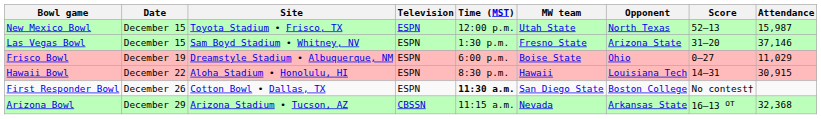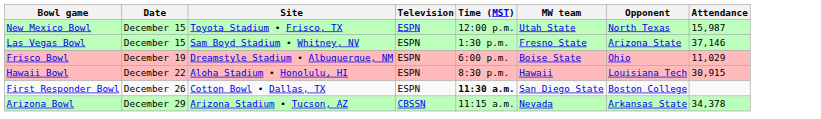 <table class="wikitable">
 <tr>
 <th>Bowl game</th>
 <th>Date</th>
 <th>Site</th>
 <th>Television</th>
 <th>Time (<a href='#'>MST</a>)</th>
 <th>MW team</th>
 <th>Opponent</th>
-<th>Score</th>
 <th>Attendance</th>
 </tr>
 <tr style="background:#bfb;">
 <td><a href='#'>New Mexico Bowl</a></td>
 <td>December 15</td>
 <td><a href='#'>Toyota Stadium</a> • <a href='#'>Frisco, TX</a></td>
 <td><a href='#'>ESPN</a></td>
 <td>12:00 p.m.</td>
 <td><a href='#'>Utah State</a></td>
 <td><a href='#'>North Texas</a></td>
-<td>52–13</td>
 <td>15,987</td>
 </tr>
 <tr style="background:#bfb;">
 <td><a href='#'>Las Vegas Bowl</a></td>
 <td>December 15</td>
 <td><a href='#'>Sam Boyd Stadium</a> • <a href='#'>Whitney, NV</a></td>
 <td>ESPN</td>
 <td>1:30 p.m.</td>
 <td><a href='#'>Fresno State</a></td>
 <td><a href='#'>Arizona State</a></td>
-<td>31–20</td>
 <td>37,146</td>
 </tr>
 <tr style="background:#fbb;">
 <td><a href='#'>Frisco Bowl</a></td>
 <td>December 19</td>
 <td><a href='#'>Dreamstyle Stadium</a> • <a href='#'>Albuquerque, NM</a></td>
 <td>ESPN</td>
 <td>6:00 p.m.</td>
 <td><a href='#'>Boise State</a></td>
 <td><a href='#'>Ohio</a></td>
-<td>0–27</td>
 <td>11,029</td>
 </tr>
 <tr style="background:#fbb;">
 <td><a href='#'>Hawaii Bowl</a></td>
 <td>December 22</td>
 <td><a href='#'>Aloha Stadium</a> • <a href='#'>Honolulu, HI</a></td>
 <td>ESPN</td>
 <td>8:30 p.m.</td>
 <td><a href='#'>Hawaii</a></td>
 <td><a href='#'>Louisiana Tech</a></td>
-<td>14–31</td>
 <td>30,915</td>
 </tr>
 <tr style="background:">
 <td><a href='#'>First Responder Bowl</a></td>
 <td>December 26</td>
 <td><a href='#'>Cotton Bowl</a> • <a href='#'>Dallas, TX</a></td>
 <td>ESPN</td>
 <td><strong>11:30 a.m.</strong></td>
 <td><a href='#'>San Diego State</a></td>
 <td><a href='#'>Boston College</a></td>
-<td>No contest†</td>
 <td></td>
 </tr>
 <tr style="background:#bfb;">
 <td><a href='#'>Arizona Bowl</a></td>
 <td>December 29</td>
 <td><a href='#'>Arizona Stadium</a> • <a href='#'>Tucson, AZ</a></td>
 <td><a href='#'>CBSSN</a></td>
 <td>11:15 a.m.</td>
 <td><a href='#'>Nevada</a></td>
 <td><a href='#'>Arkansas State</a></td>
-<td>16–13 <sup>OT</sup></td>
-<td>32,368</td>
+<td>34,378</td>
 </tr>
 </table>
